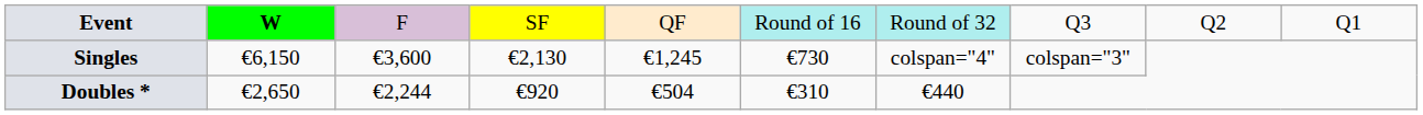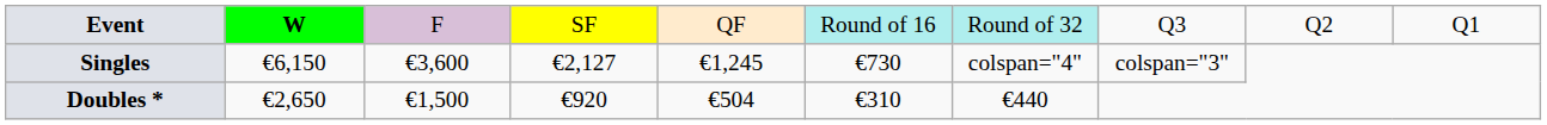 <table class=wikitable style=font-size:90%;text-align:center>
 <tr>
 <td style="width:130px; background:#dfe2e9;"><strong>Event</strong></td>
 <td style="width:80px; background:lime;"><strong>W</strong></td>
 <td style="width:85px; background:thistle;">F</td>
 <td style="width:85px; background:#ff0;">SF</td>
 <td style="width:85px; background:#ffebcd;">QF</td>
 <td style="width:85px; background:#afeeee;">Round of 16</td>
 <td style="width:85px; background:#afeeee;">Round of 32</td>
 <td width=85>Q3</td>
 <td width=85>Q2</td>
 <td width=85>Q1</td>
 </tr>
 <tr>
 <td style="background:#dfe2e9;"><strong>Singles</strong></td>
 <td>€6,150</td>
 <td>€3,600</td>
-<td>€2,130</td>
+<td>€2,127</td>
 <td>€1,245</td>
 <td>€730</td>
 <td>colspan="4" </td>
 <td>colspan="3" </td>
 </tr>
 <tr>
 <td style="background:#dfe2e9;"><strong>Doubles *</strong></td>
 <td>€2,650</td>
-<td>€2,244</td>
+<td>€1,500</td>
 <td>€920</td>
 <td>€504</td>
 <td>€310</td>
 <td>€440</td>
 </tr>
 </table>
